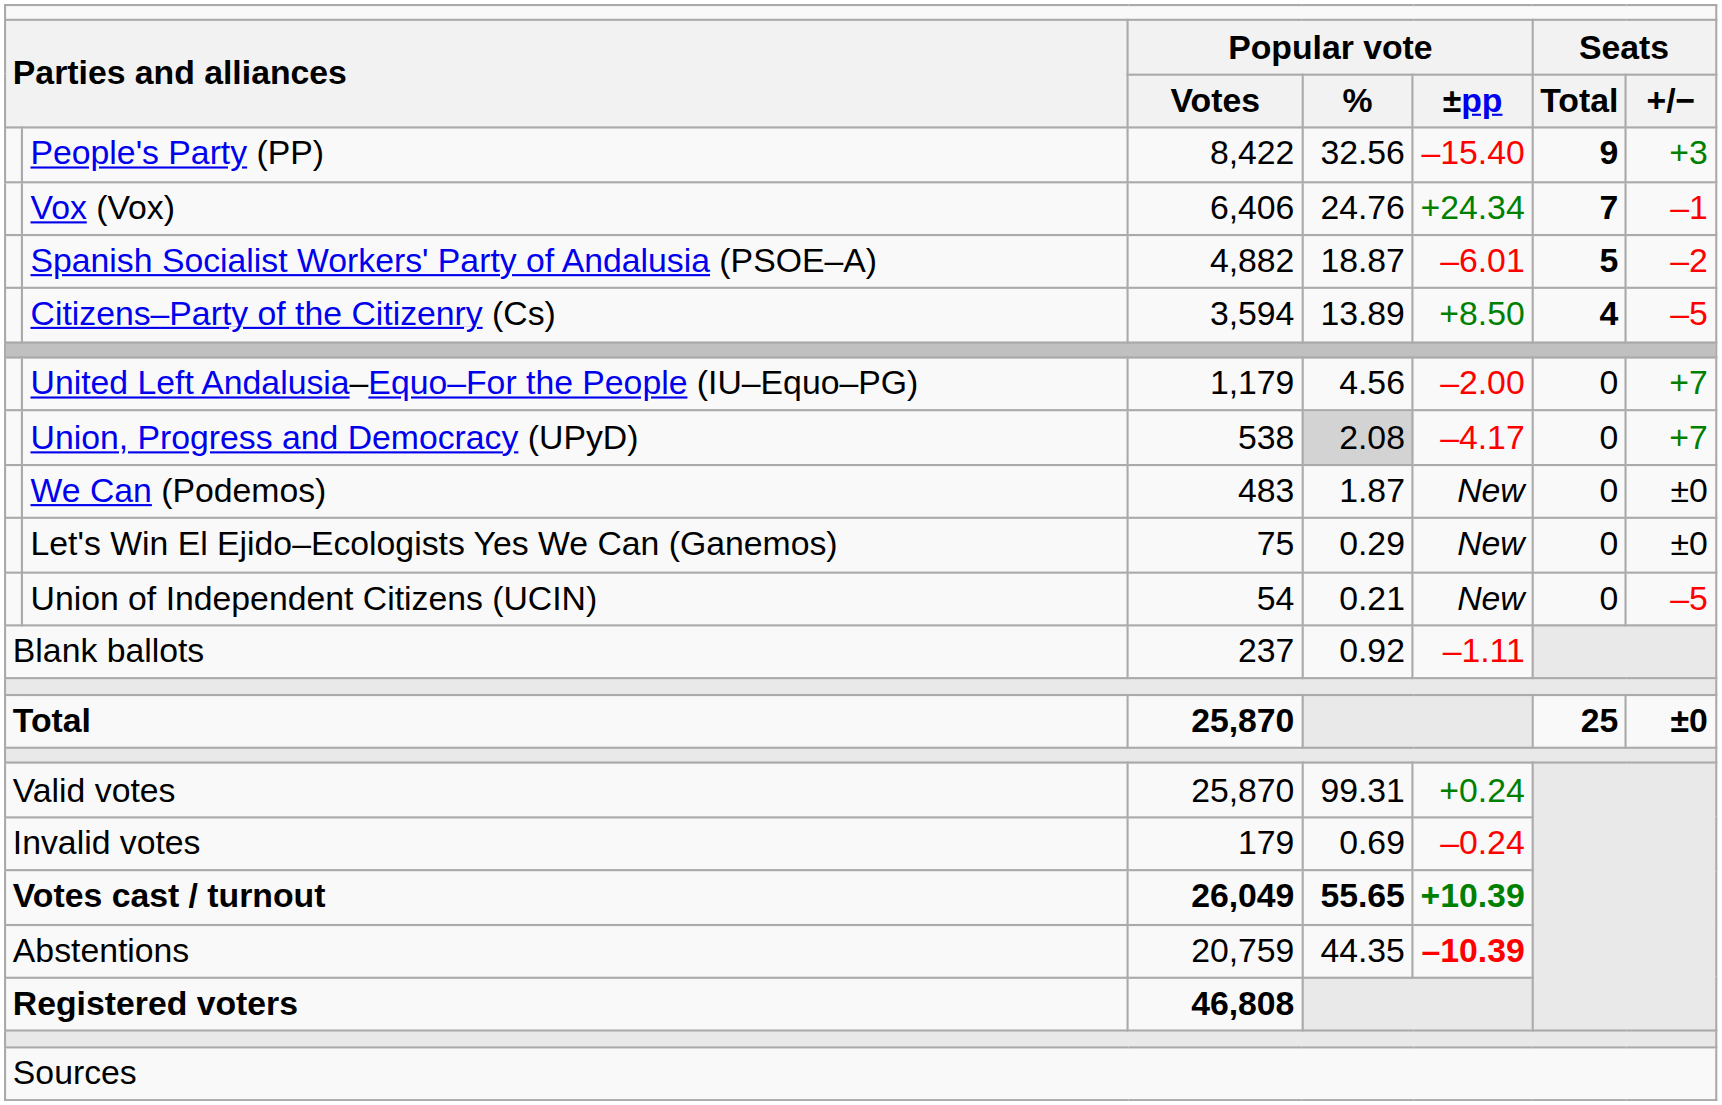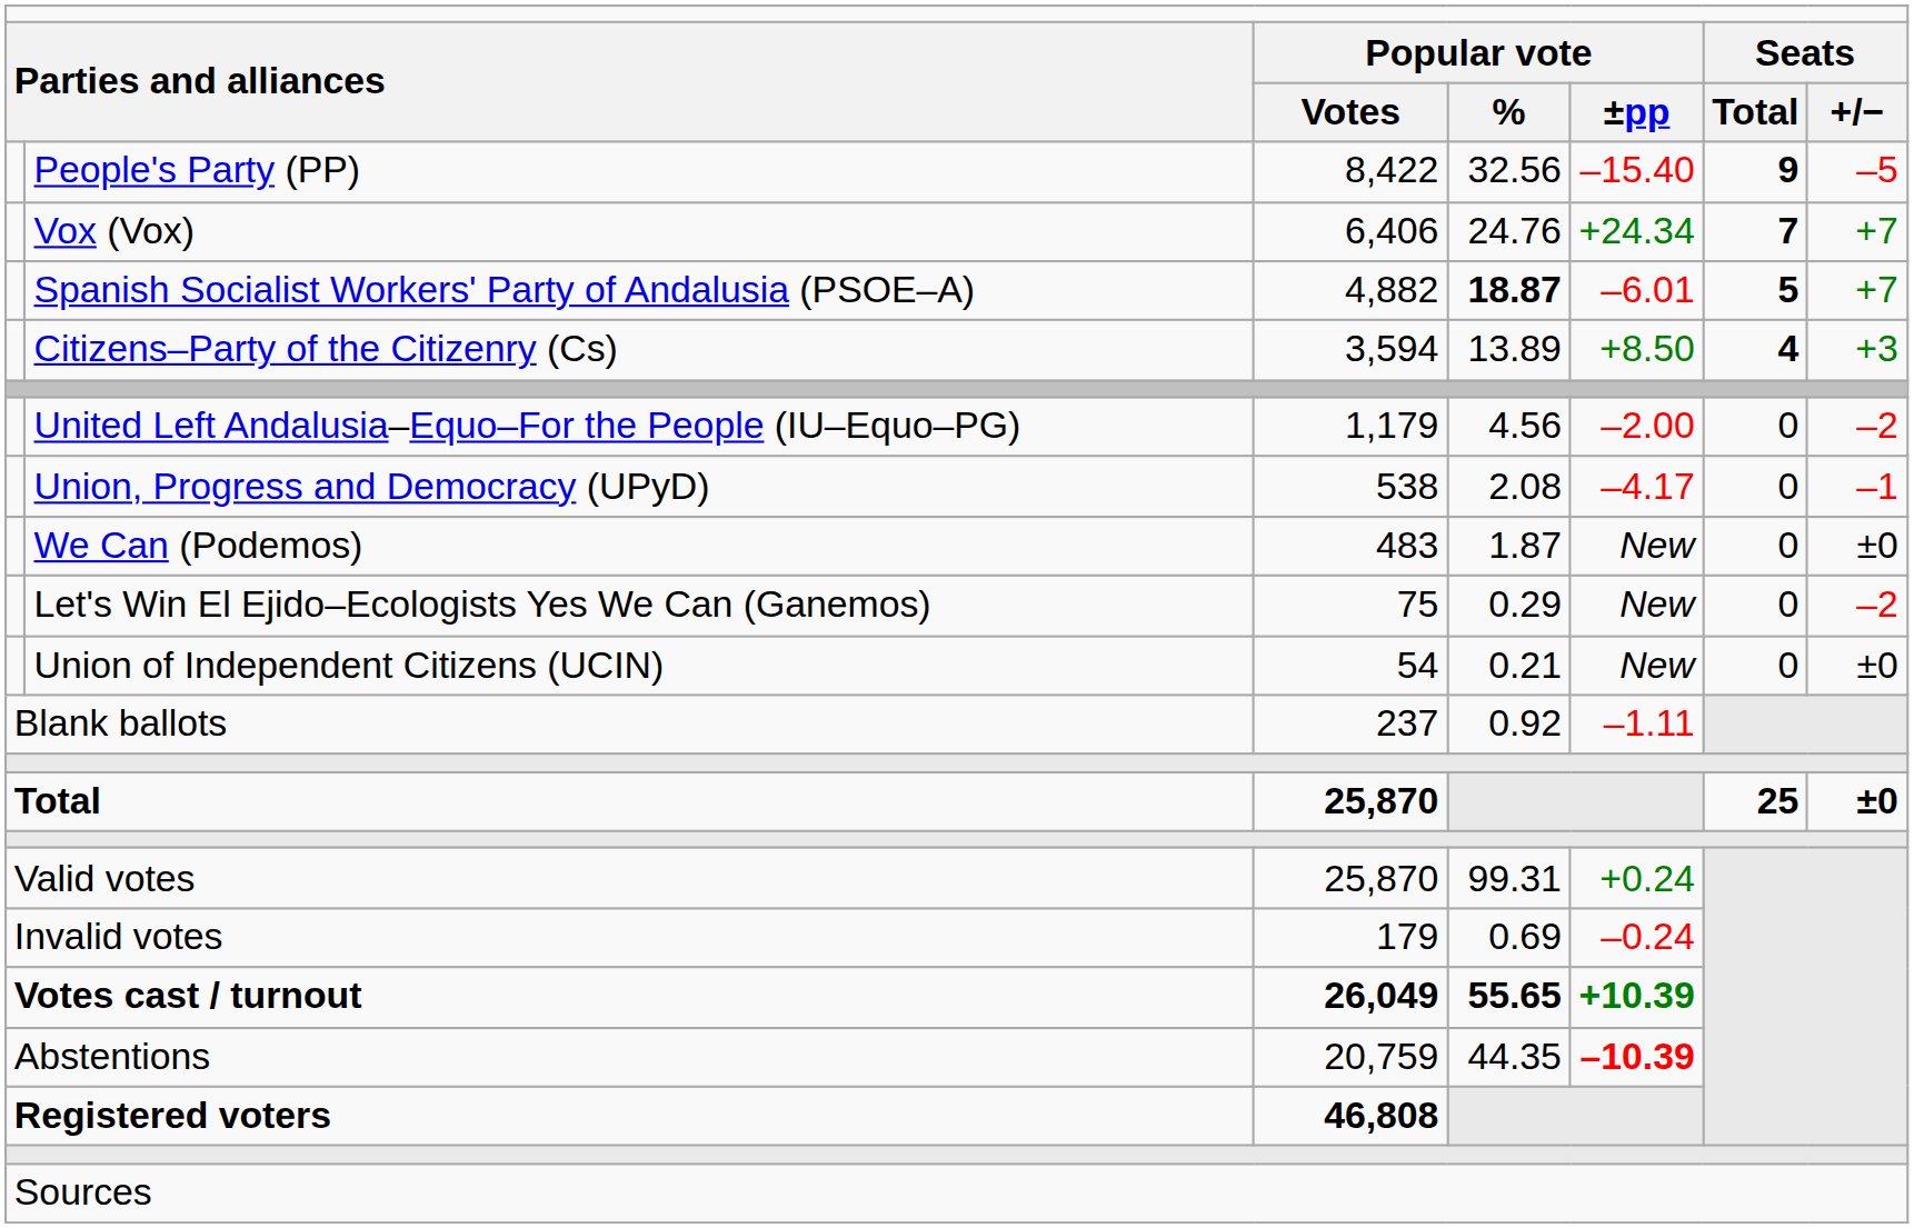 <table class="wikitable" style="text-align:right;">
 <tr>
 <td colspan="7"></td>
 </tr>
 <tr>
 <th style="text-align:left;" rowspan="2" colspan="2" width="525">Parties and alliances</th>
 <th colspan="3">Popular vote</th>
 <th colspan="2">Seats</th>
 </tr>
 <tr>
 <th width="75">Votes</th>
 <th width="45">%</th>
 <th width="45">±<a href='#'>pp</a></th>
 <th width="35">Total</th>
 <th width="35">+/−</th>
 </tr>
 <tr>
 <td width="1" style="color:inherit;background:"></td>
 <td align="left"><a href='#'>People's Party</a> (PP)</td>
 <td>8,422</td>
 <td>32.56</td>
 <td style="color:red;">–15.40</td>
 <td><strong>9</strong></td>
-<td style="color:green;">+3</td>
+<td style="color:red;">–5</td>
 </tr>
 <tr>
 <td style="color:inherit;background:"></td>
 <td align="left"><a href='#'>Vox</a> (Vox)</td>
 <td>6,406</td>
 <td>24.76</td>
 <td style="color:green;">+24.34</td>
 <td><strong>7</strong></td>
-<td style="color:red;">–1</td>
+<td style="color:green;">+7</td>
 </tr>
 <tr>
 <td style="color:inherit;background:"></td>
 <td align="left"><a href='#'>Spanish Socialist Workers' Party of Andalusia</a> (PSOE–A)</td>
 <td>4,882</td>
-<td>18.87</td>
+<td><strong>18.87</strong></td>
 <td style="color:red;">–6.01</td>
 <td><strong>5</strong></td>
-<td style="color:red;">–2</td>
+<td style="color:green;">+7</td>
 </tr>
 <tr>
 <td style="color:inherit;background:"></td>
 <td align="left"><a href='#'>Citizens–Party of the Citizenry</a> (Cs)</td>
 <td>3,594</td>
 <td>13.89</td>
 <td style="color:green;">+8.50</td>
 <td><strong>4</strong></td>
-<td style="color:red;">–5</td>
+<td style="color:green;">+3</td>
 </tr>
 <tr>
 <td colspan="7" bgcolor="#C0C0C0"></td>
 </tr>
 <tr>
 <td style="color:inherit;background:"></td>
 <td align="left"><a href='#'>United Left Andalusia</a>–<a href='#'>Equo–For the People</a> (IU–Equo–PG)</td>
 <td>1,179</td>
 <td>4.56</td>
 <td style="color:red;">–2.00</td>
 <td>0</td>
-<td style="color:green;">+7</td>
+<td style="color:red;">–2</td>
 </tr>
 <tr>
 <td style="color:inherit;background:"></td>
 <td align="left"><a href='#'>Union, Progress and Democracy</a> (UPyD)</td>
 <td>538</td>
-<td style="background: lightgrey;">2.08</td>
+<td>2.08</td>
 <td style="color:red;">–4.17</td>
 <td>0</td>
-<td style="color:green;">+7</td>
+<td style="color:red;">–1</td>
 </tr>
 <tr>
 <td style="color:inherit;background:"></td>
 <td align="left"><a href='#'>We Can</a> (Podemos)</td>
 <td>483</td>
 <td>1.87</td>
 <td><em>New</em></td>
 <td>0</td>
 <td>±0</td>
 </tr>
 <tr>
 <td style="color:inherit;background:"></td>
 <td align="left">Let's Win El Ejido–Ecologists Yes We Can (Ganemos)</td>
 <td>75</td>
 <td>0.29</td>
 <td><em>New</em></td>
 <td>0</td>
-<td>±0</td>
+<td style="color:red;">–2</td>
 </tr>
 <tr>
 <td style="color:inherit;background:"></td>
 <td align="left">Union of Independent Citizens (UCIN)</td>
 <td>54</td>
 <td>0.21</td>
 <td><em>New</em></td>
 <td>0</td>
-<td style="color:red;">–5</td>
+<td>±0</td>
 </tr>
 <tr>
 <td align="left" colspan="2">Blank ballots</td>
 <td>237</td>
 <td>0.92</td>
 <td style="color:red;">–1.11</td>
 <td bgcolor="#E9E9E9" colspan="2"></td>
 </tr>
 <tr>
 <td colspan="7" bgcolor="#E9E9E9"></td>
 </tr>
 <tr style="font-weight:bold;">
 <td align="left" colspan="2">Total</td>
 <td>25,870</td>
 <td bgcolor="#E9E9E9" colspan="2"></td>
 <td>25</td>
 <td>±0</td>
 </tr>
 <tr>
 <td colspan="7" bgcolor="#E9E9E9"></td>
 </tr>
 <tr>
 <td align="left" colspan="2">Valid votes</td>
 <td>25,870</td>
 <td>99.31</td>
 <td style="color:green;">+0.24</td>
 <td bgcolor="#E9E9E9" colspan="2" rowspan="5"></td>
 </tr>
 <tr>
 <td align="left" colspan="2">Invalid votes</td>
 <td>179</td>
 <td>0.69</td>
 <td style="color:red;">–0.24</td>
 </tr>
 <tr style="font-weight:bold;">
 <td align="left" colspan="2">Votes cast / turnout</td>
 <td>26,049</td>
 <td>55.65</td>
 <td style="color:green;">+10.39</td>
 </tr>
 <tr>
 <td align="left" colspan="2">Abstentions</td>
 <td>20,759</td>
 <td>44.35</td>
 <td style="color:red;"><strong>–10.39</strong></td>
 </tr>
 <tr style="font-weight:bold;">
 <td align="left" colspan="2">Registered voters</td>
 <td>46,808</td>
 <td bgcolor="#E9E9E9" colspan="2"></td>
 </tr>
 <tr>
 <td colspan="7" bgcolor="#E9E9E9"></td>
 </tr>
 <tr>
 <td align="left" colspan="7">Sources</td>
 </tr>
 </table>
